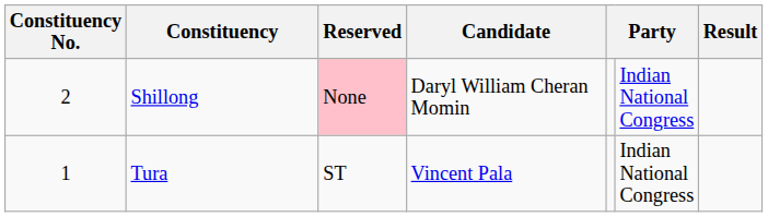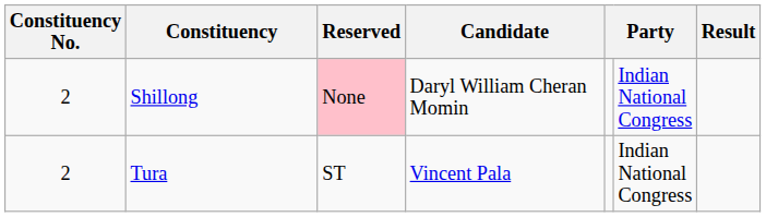 <table class= "wikitable sortable">
 <tr>
 <th>Constituency <br> No.</th>
 <th style="width:180px;">Constituency</th>
 <th>Reserved</th>
 <th style="width:200px;">Candidate</th>
 <th colspan=2>Party</th>
 <th>Result</th>
 </tr>
 <tr>
 <td align="center">2</td>
 <td><a href='#'>Shillong</a></td>
 <td style="background: pink;">None</td>
 <td>Daryl William Cheran Momin</td>
 <td></td>
 <td><a href='#'>Indian National Congress</a></td>
 <td></td>
 </tr>
 <tr>
-<td align="center">1</td>
+<td align="center">2</td>
 <td><a href='#'>Tura</a></td>
 <td>ST</td>
 <td><a href='#'>Vincent Pala</a></td>
 <td></td>
 <td>Indian National Congress</td>
 <td></td>
 </tr>
 </table>
